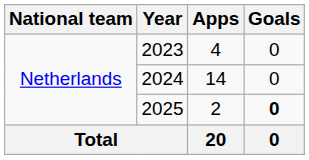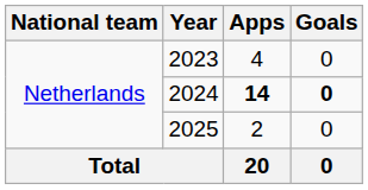 <table class=wikitable style=text-align:center>
 <tr>
 <th>National team</th>
 <th>Year</th>
 <th>Apps</th>
 <th>Goals</th>
 </tr>
 <tr>
 <td rowspan=3><a href='#'>Netherlands</a></td>
 <td>2023</td>
 <td>4</td>
 <td>0</td>
 </tr>
 <tr>
 <td>2024</td>
-<td>14</td>
-<td>0</td>
+<td><strong>14</strong></td>
+<td><strong>0</strong></td>
 </tr>
 <tr>
 <td>2025</td>
 <td>2</td>
-<td><strong>0</strong></td>
+<td>0</td>
 </tr>
 <tr>
 <th colspan=2>Total</th>
 <th>20</th>
 <th>0</th>
 </tr>
 </table>
